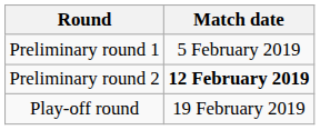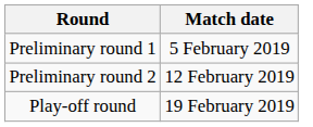 <table class="wikitable" style="text-align:center">
 <tr>
 <th>Round</th>
 <th>Match date</th>
 </tr>
 <tr>
 <td>Preliminary round 1</td>
 <td>5 February 2019</td>
 </tr>
 <tr>
 <td>Preliminary round 2</td>
-<td><strong>12 February 2019</strong></td>
+<td>12 February 2019</td>
 </tr>
 <tr>
 <td>Play-off round</td>
 <td>19 February 2019</td>
 </tr>
 </table>
